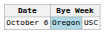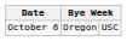 <table class="wikitable" style="font-size:95%;">
 <tr>
 <th>Date</th>
 <th colspan="2">Bye Week</th>
 </tr>
 <tr>
 <td>October 6</td>
-<td style="background: lightblue;">Oregon</td>
+<td>Oregon</td>
 <td>USC</td>
 </tr>
 </table>
